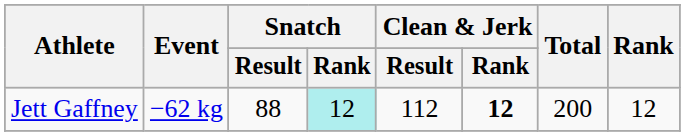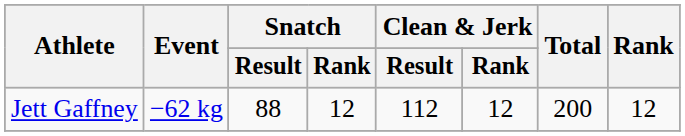 <table class="wikitable" style="font-size:90%">
 <tr>
 <th rowspan="2">Athlete</th>
 <th rowspan="2">Event</th>
 <th colspan="2">Snatch</th>
 <th colspan="2">Clean & Jerk</th>
 <th rowspan="2">Total</th>
 <th rowspan="2">Rank</th>
 </tr>
 <tr style="font-size:95%">
 <th>Result</th>
 <th>Rank</th>
 <th>Result</th>
 <th>Rank</th>
 </tr>
 <tr align=center>
 <td align=left><a href='#'>Jett Gaffney</a></td>
 <td align=left><a href='#'>−62 kg</a></td>
 <td>88</td>
-<td style="background: paleturquoise;">12</td>
+<td>12</td>
 <td>112</td>
-<td><strong>12</strong></td>
+<td>12</td>
 <td>200</td>
 <td>12</td>
 </tr>
 </table>
